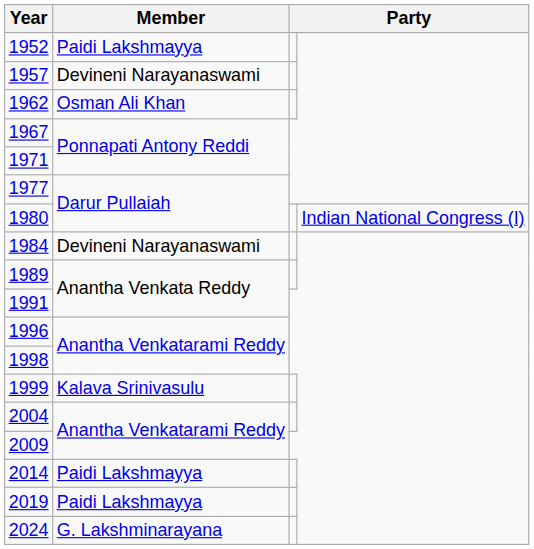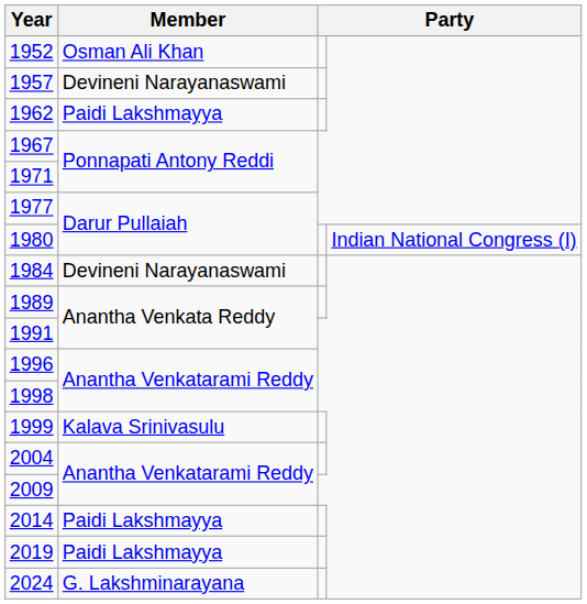 <table class="wikitable sortable">
 <tr>
 <th>Year</th>
 <th>Member</th>
 <th colspan="2">Party</th>
 </tr>
 <tr>
 <td><a href='#'>1952</a></td>
-<td><a href='#'>Paidi Lakshmayya</a></td>
+<td><a href='#'>Osman Ali Khan</a></td>
 <td></td>
 </tr>
 <tr>
 <td><a href='#'>1957</a></td>
 <td>Devineni Narayanaswami</td>
 <td></td>
 </tr>
 <tr>
 <td><a href='#'>1962</a></td>
-<td><a href='#'>Osman Ali Khan</a></td>
+<td><a href='#'>Paidi Lakshmayya</a></td>
 <td></td>
 </tr>
 <tr>
 <td><a href='#'>1967</a></td>
 <td rowspan="2"><a href='#'>Ponnapati Antony Reddi</a></td>
 </tr>
 <tr>
 <td><a href='#'>1971</a></td>
 </tr>
 <tr>
 <td><a href='#'>1977</a></td>
 <td rowspan="2"><a href='#'>Darur Pullaiah</a></td>
 </tr>
 <tr>
 <td><a href='#'>1980</a></td>
 <td style="background-color: "></td>
 <td><a href='#'>Indian National Congress (I)</a></td>
 </tr>
 <tr>
 <td><a href='#'>1984</a></td>
 <td>Devineni Narayanaswami</td>
 <td></td>
 </tr>
 <tr>
 <td><a href='#'>1989</a></td>
 <td rowspan="2">Anantha Venkata Reddy</td>
 <td></td>
 </tr>
 <tr>
 <td><a href='#'>1991</a></td>
 </tr>
 <tr>
 <td><a href='#'>1996</a></td>
 <td rowspan="2"><a href='#'>Anantha Venkatarami Reddy</a></td>
 </tr>
 <tr>
 <td><a href='#'>1998</a></td>
 </tr>
 <tr>
 <td><a href='#'>1999</a></td>
 <td><a href='#'>Kalava Srinivasulu</a></td>
 <td></td>
 </tr>
 <tr>
 <td><a href='#'>2004</a></td>
 <td rowspan="2"><a href='#'>Anantha Venkatarami Reddy</a></td>
 <td></td>
 </tr>
 <tr>
 <td><a href='#'>2009</a></td>
 </tr>
 <tr>
 <td><a href='#'>2014</a></td>
 <td><a href='#'>Paidi Lakshmayya</a></td>
 <td></td>
 </tr>
 <tr>
 <td><a href='#'>2019</a></td>
 <td><a href='#'>Paidi Lakshmayya</a></td>
 <td></td>
 </tr>
 <tr>
 <td><a href='#'>2024</a></td>
 <td><a href='#'>G. Lakshminarayana</a></td>
 <td></td>
 </tr>
 </table>
